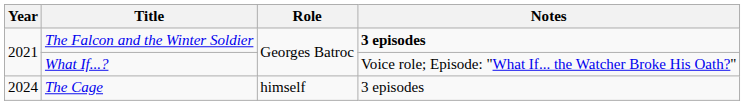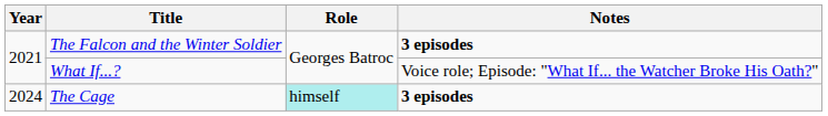 <table class="wikitable sortable">
 <tr>
 <th>Year</th>
 <th>Title</th>
 <th>Role</th>
 <th class="unsortable">Notes</th>
 </tr>
 <tr>
 <td rowspan="2">2021</td>
 <td><em><a href='#'>The Falcon and the Winter Soldier</a></em></td>
 <td rowspan="2">Georges Batroc</td>
 <td><strong>3 episodes</strong></td>
 </tr>
 <tr>
 <td><em><a href='#'>What If...?</a></em></td>
 <td>Voice role; Episode: "<a href='#'>What If... the Watcher Broke His Oath?</a>"</td>
 </tr>
 <tr>
 <td rowspan="2">2024</td>
 <td><em><a href='#'>The Cage</a></em></td>
-<td>himself</td>
-<td>3 episodes</td>
+<td style="background: paleturquoise;">himself</td>
+<td><strong>3 episodes</strong></td>
 </tr>
 </table>
